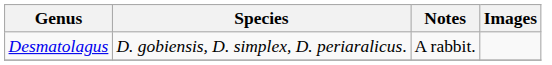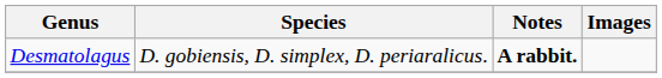 <table class="wikitable">
 <tr>
 <th>Genus</th>
 <th>Species</th>
 <th>Notes</th>
 <th>Images</th>
 </tr>
 <tr>
 <td><em><a href='#'>Desmatolagus</a></em></td>
 <td><em>D. gobiensis, D. simplex, D. periaralicus</em>.</td>
-<td>A rabbit.</td>
+<td><strong>A rabbit.</strong></td>
 <td></td>
 </tr>
 <tr>
 </tr>
 </table>
